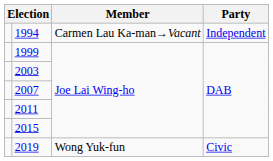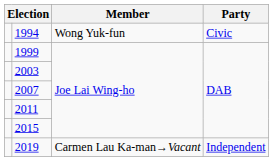 <table class="wikitable">
 <tr>
 <th colspan="2">Election</th>
 <th>Member</th>
 <th>Party</th>
 </tr>
 <tr>
 <td style="background-color: "></td>
 <td><a href='#'>1994</a></td>
-<td>Carmen Lau Ka-man→<em>Vacant</em></td>
-<td><a href='#'>Independent</a></td>
+<td>Wong Yuk-fun</td>
+<td><a href='#'>Civic</a></td>
 </tr>
 <tr>
 <td style="background-color: "></td>
 <td><a href='#'>1999</a></td>
 <td rowspan=5><a href='#'>Joe Lai Wing-ho</a></td>
 <td rowspan=5><a href='#'>DAB</a></td>
 </tr>
 <tr>
 <td style="background-color: "></td>
 <td><a href='#'>2003</a></td>
 </tr>
 <tr>
 <td style="background-color: "></td>
 <td><a href='#'>2007</a></td>
 </tr>
 <tr>
 <td style="background-color: "></td>
 <td><a href='#'>2011</a></td>
 </tr>
 <tr>
 <td style="background-color: "></td>
 <td><a href='#'>2015</a></td>
 </tr>
 <tr>
 <td style="background-color: "></td>
 <td><a href='#'>2019</a></td>
-<td>Wong Yuk-fun</td>
-<td><a href='#'>Civic</a></td>
+<td>Carmen Lau Ka-man→<em>Vacant</em></td>
+<td><a href='#'>Independent</a></td>
 </tr>
 </table>
